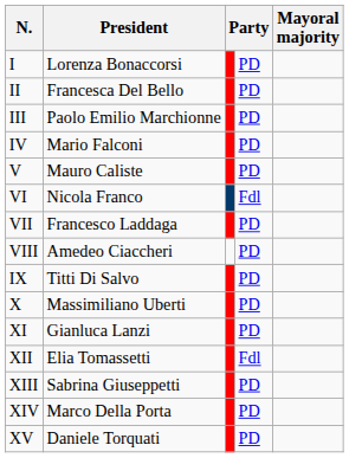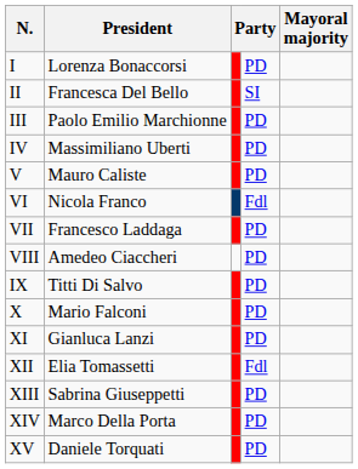 <table class="wikitable sortable centre">
 <tr>
 <th>N.</th>
 <th>President</th>
 <th colspan=2>Party</th>
 <th colspan=2>Mayoral <br>majority</th>
 </tr>
 <tr>
 <td>I</td>
 <td>Lorenza Bonaccorsi</td>
 <td bgcolor="red"></td>
 <td><a href='#'>PD</a></td>
 <td></td>
 </tr>
 <tr>
 <td>II</td>
 <td>Francesca Del Bello</td>
 <td bgcolor="red"></td>
-<td><a href='#'>PD</a></td>
+<td><a href='#'>SI</a></td>
 <td></td>
 </tr>
 <tr>
 <td>III</td>
 <td>Paolo Emilio Marchionne</td>
 <td bgcolor="red"></td>
 <td><a href='#'>PD</a></td>
 <td></td>
 </tr>
 <tr>
 <td>IV</td>
-<td>Mario Falconi</td>
+<td>Massimiliano Uberti</td>
 <td bgcolor="red"></td>
 <td><a href='#'>PD</a></td>
 <td></td>
 </tr>
 <tr>
 <td>V</td>
 <td>Mauro Caliste</td>
 <td bgcolor="red"></td>
 <td><a href='#'>PD</a></td>
 <td></td>
 </tr>
 <tr>
 <td>VI</td>
 <td>Nicola Franco</td>
 <td bgcolor="#03386A"></td>
 <td><a href='#'>Fdl</a></td>
 <td></td>
 </tr>
 <tr>
 <td>VII</td>
 <td>Francesco Laddaga</td>
 <td bgcolor="red"></td>
 <td><a href='#'>PD</a></td>
 <td></td>
 </tr>
 <tr>
 <td>VIII</td>
 <td>Amedeo Ciaccheri</td>
 <td></td>
 <td><a href='#'>PD</a></td>
 <td></td>
 </tr>
 <tr>
 <td>IX</td>
 <td>Titti Di Salvo</td>
 <td bgcolor="red"></td>
 <td><a href='#'>PD</a></td>
 <td></td>
 </tr>
 <tr>
 <td>X</td>
-<td>Massimiliano Uberti</td>
+<td>Mario Falconi</td>
 <td bgcolor="red"></td>
 <td><a href='#'>PD</a></td>
 <td></td>
 </tr>
 <tr>
 <td>XI</td>
 <td>Gianluca Lanzi</td>
 <td bgcolor="red"></td>
 <td><a href='#'>PD</a></td>
 <td></td>
 </tr>
 <tr>
 <td>XII</td>
 <td>Elia Tomassetti</td>
 <td bgcolor="red"></td>
 <td><a href='#'>Fdl</a></td>
 <td></td>
 </tr>
 <tr>
 <td>XIII</td>
 <td>Sabrina Giuseppetti</td>
 <td bgcolor="red"></td>
 <td><a href='#'>PD</a></td>
 <td></td>
 </tr>
 <tr>
 <td>XIV</td>
 <td>Marco Della Porta</td>
 <td bgcolor="red"></td>
 <td><a href='#'>PD</a></td>
 <td></td>
 </tr>
 <tr>
 <td>XV</td>
 <td>Daniele Torquati</td>
 <td bgcolor="red"></td>
 <td><a href='#'>PD</a></td>
 <td></td>
 </tr>
 </table>
